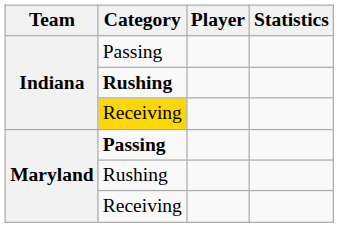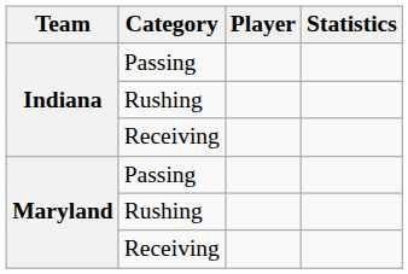 <table class="wikitable" style="float:right">
 <tr>
 <th>Team</th>
 <th>Category</th>
 <th>Player</th>
 <th>Statistics</th>
 </tr>
 <tr>
 <th rowspan=3>Indiana</th>
 <td>Passing</td>
 <td></td>
 <td></td>
 </tr>
 <tr>
-<td><strong>Rushing</strong></td>
+<td>Rushing</td>
 <td></td>
 <td></td>
 </tr>
 <tr>
-<td style="background: gold;">Receiving</td>
+<td>Receiving</td>
 <td></td>
 <td></td>
 </tr>
 <tr>
 <th rowspan=3>Maryland</th>
-<td><strong>Passing</strong></td>
+<td>Passing</td>
 <td></td>
 <td></td>
 </tr>
 <tr>
 <td>Rushing</td>
 <td></td>
 <td></td>
 </tr>
 <tr>
 <td>Receiving</td>
 <td></td>
 <td></td>
 </tr>
 </table>
